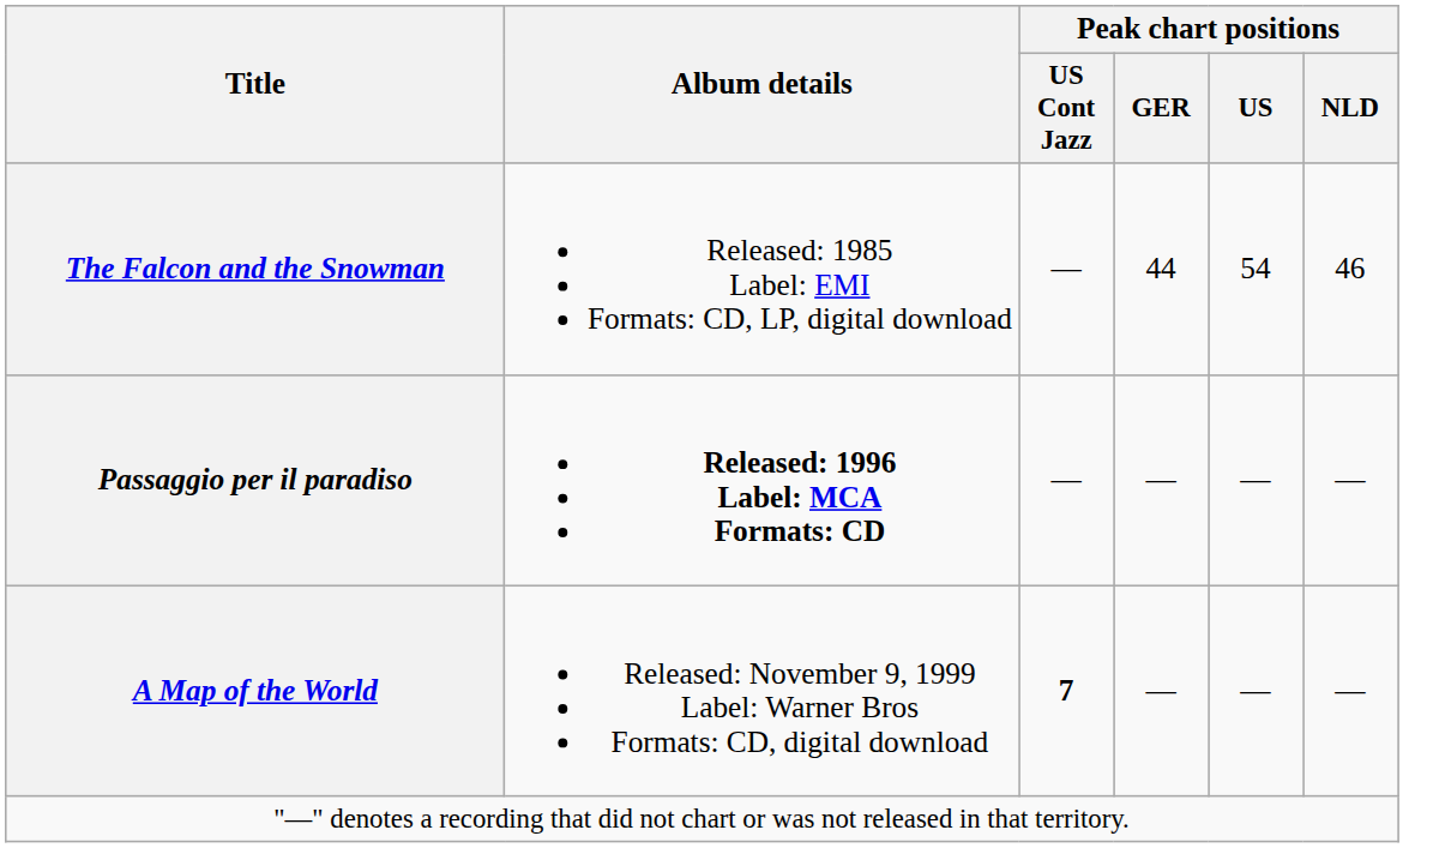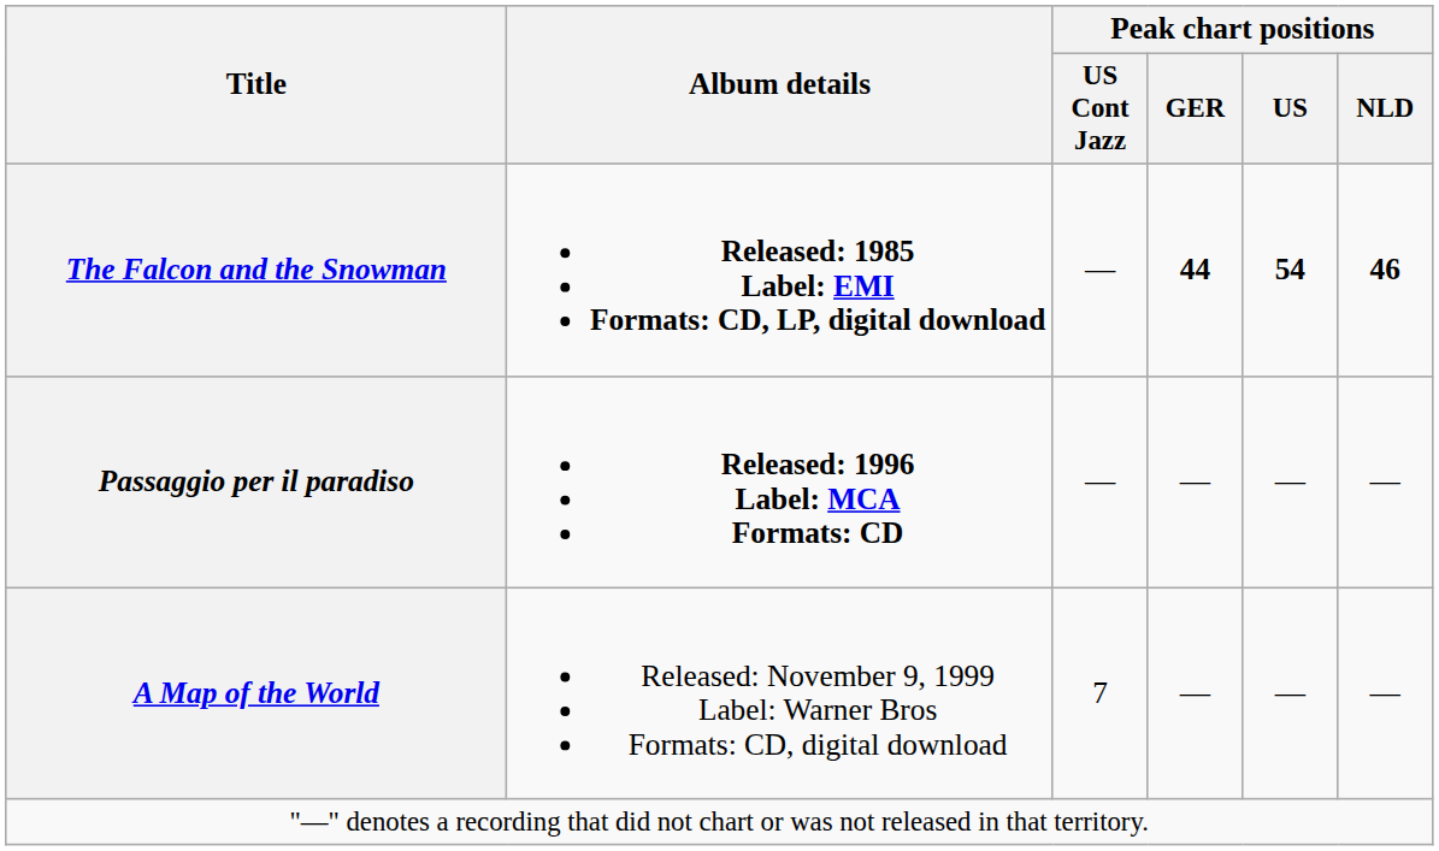 <table class="wikitable plainrowheaders" style="text-align:center;">
 <tr>
 <th scope="col" rowspan="2" style="width:16em;">Title</th>
 <th scope="col" rowspan="2">Album details</th>
 <th scope="col" colspan="4">Peak chart positions</th>
 </tr>
 <tr>
 <th scope="col" style="width:3em;font-size:90%;">US<br>Cont<br>Jazz<br></th>
 <th scope="col" style="width:3em;font-size:90%;">GER<br></th>
 <th scope="col" style="width:3em;font-size:90%;">US<br></th>
 <th scope="col" style="width:3em;font-size:90%;">NLD<br></th>
 </tr>
 <tr>
 <th scope="row"><em><a href='#'>The Falcon and the Snowman</a></em></th>
-<td><br><ul><li>Released: 1985</li><li>Label: <a href='#'>EMI</a></li><li>Formats: CD, LP, digital download</li></ul></td>
+<td><strong><br><ul><li>Released: 1985</li><li>Label: <a href='#'>EMI</a></li><li>Formats: CD, LP, digital download</li></ul></strong></td>
 <td>—</td>
-<td>44</td>
-<td>54</td>
-<td>46</td>
+<td><strong>44</strong></td>
+<td><strong>54</strong></td>
+<td><strong>46</strong></td>
 </tr>
 <tr>
 <th scope="row"><em>Passaggio per il paradiso</em></th>
 <td><strong><br><ul><li>Released: 1996</li><li>Label: <a href='#'>MCA</a></li><li>Formats: CD</li></ul></strong></td>
 <td>—</td>
 <td>—</td>
 <td>—</td>
 <td>—</td>
 </tr>
 <tr>
 <th scope="row"><em><a href='#'>A Map of the World</a></em></th>
 <td><br><ul><li>Released: November 9, 1999</li><li>Label: Warner Bros</li><li>Formats: CD, digital download</li></ul></td>
-<td><strong>7</strong></td>
+<td>7</td>
 <td>—</td>
 <td>—</td>
 <td>—</td>
 </tr>
 <tr>
 <td colspan="20" style="font-size:90%">"—" denotes a recording that did not chart or was not released in that territory.</td>
 </tr>
 </table>
